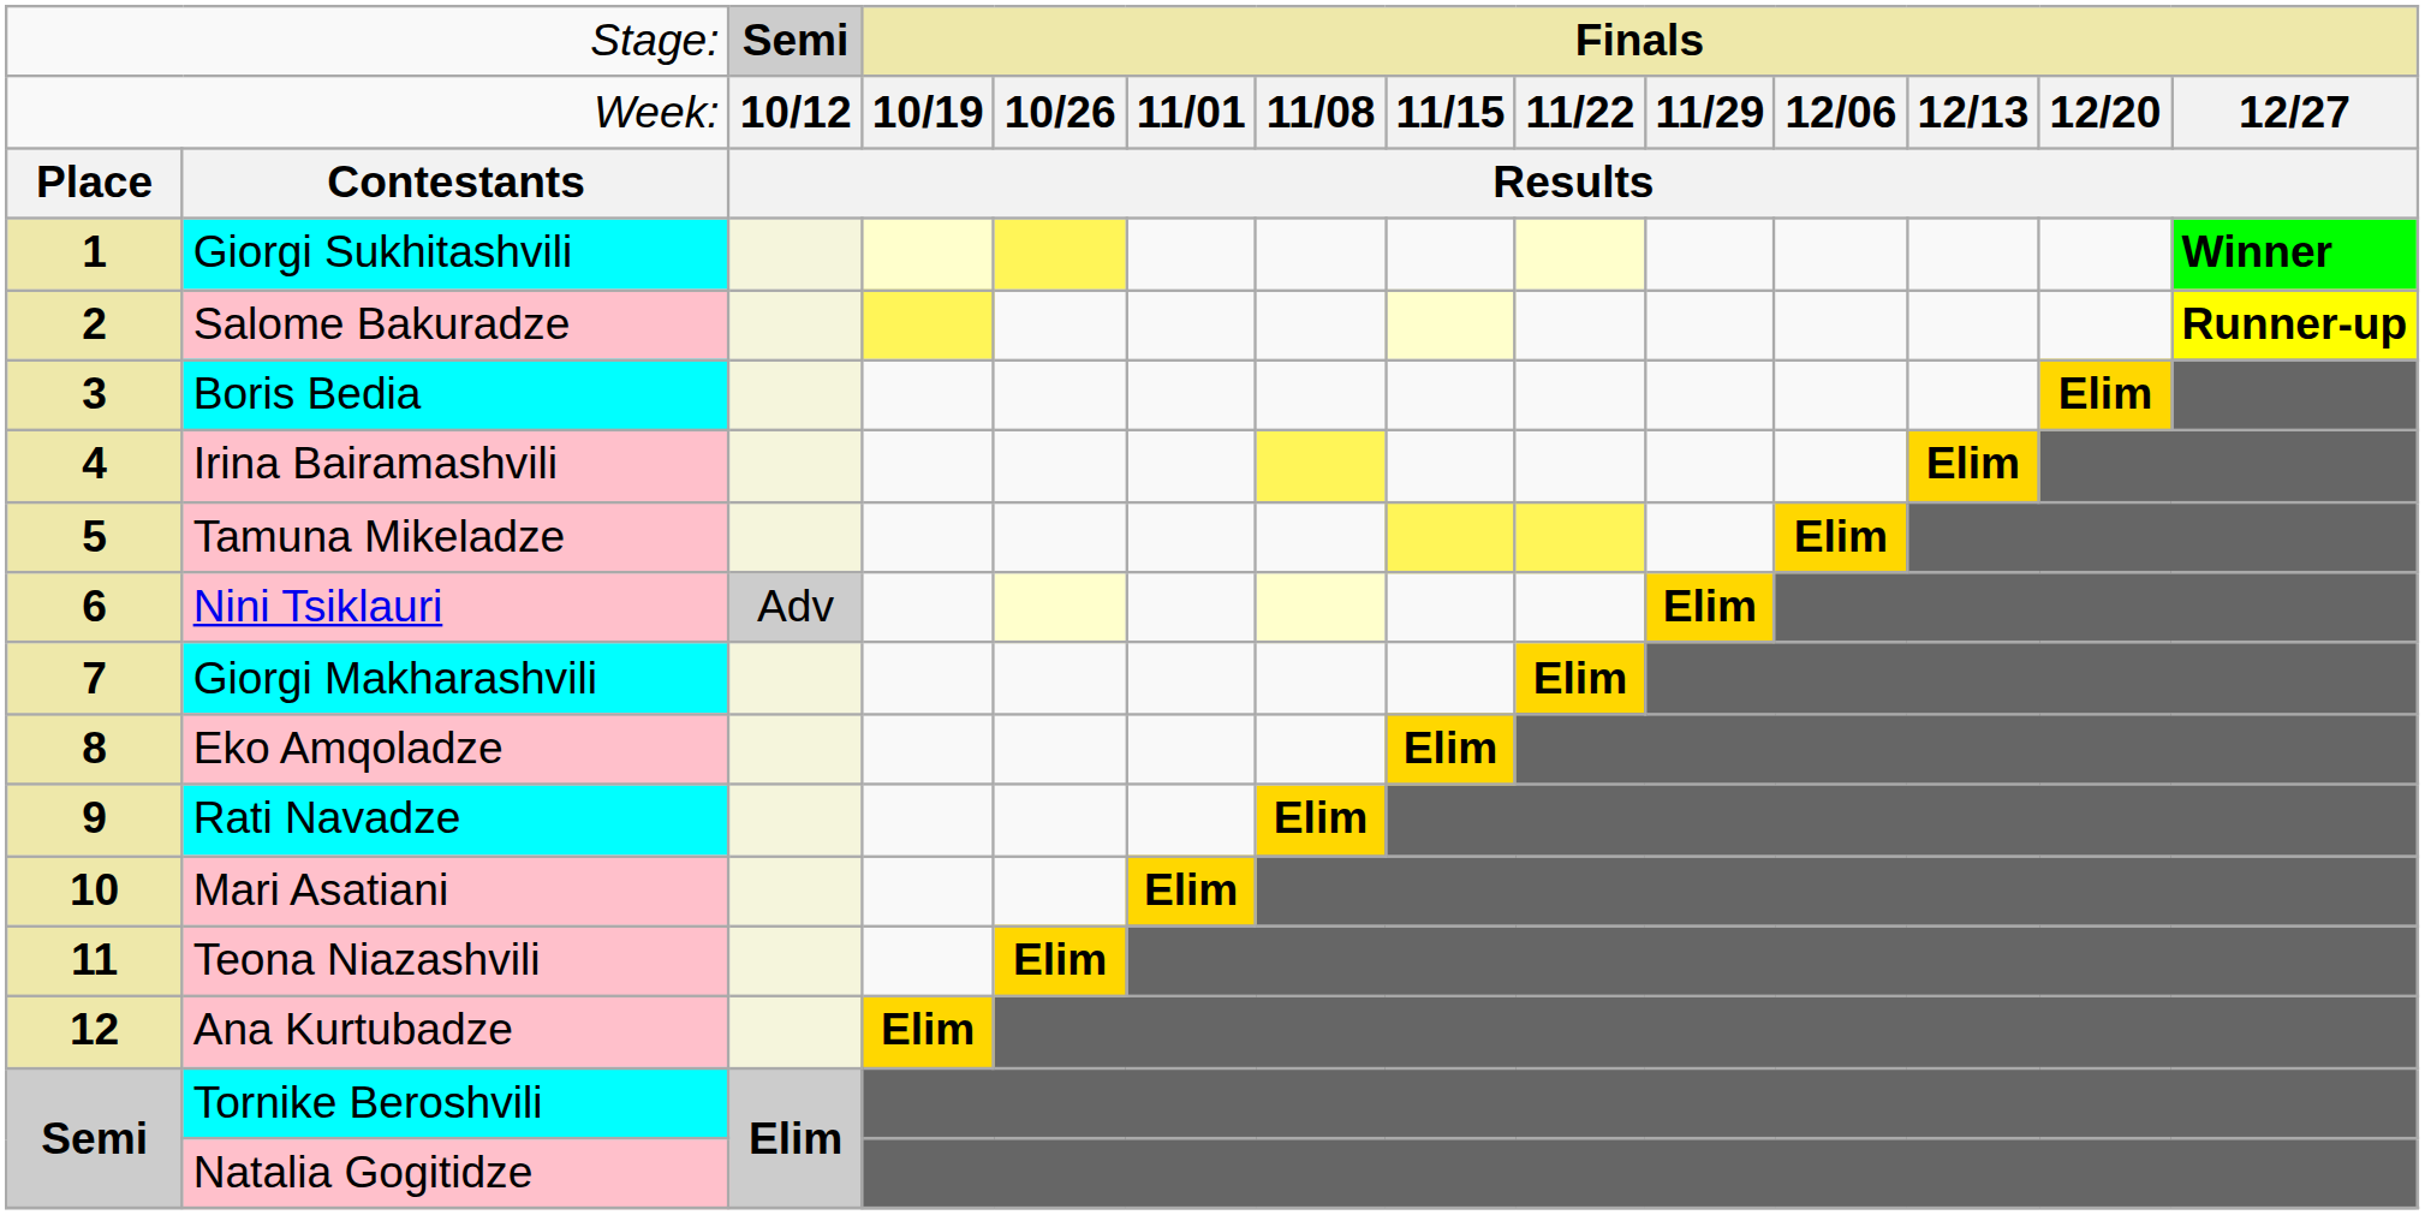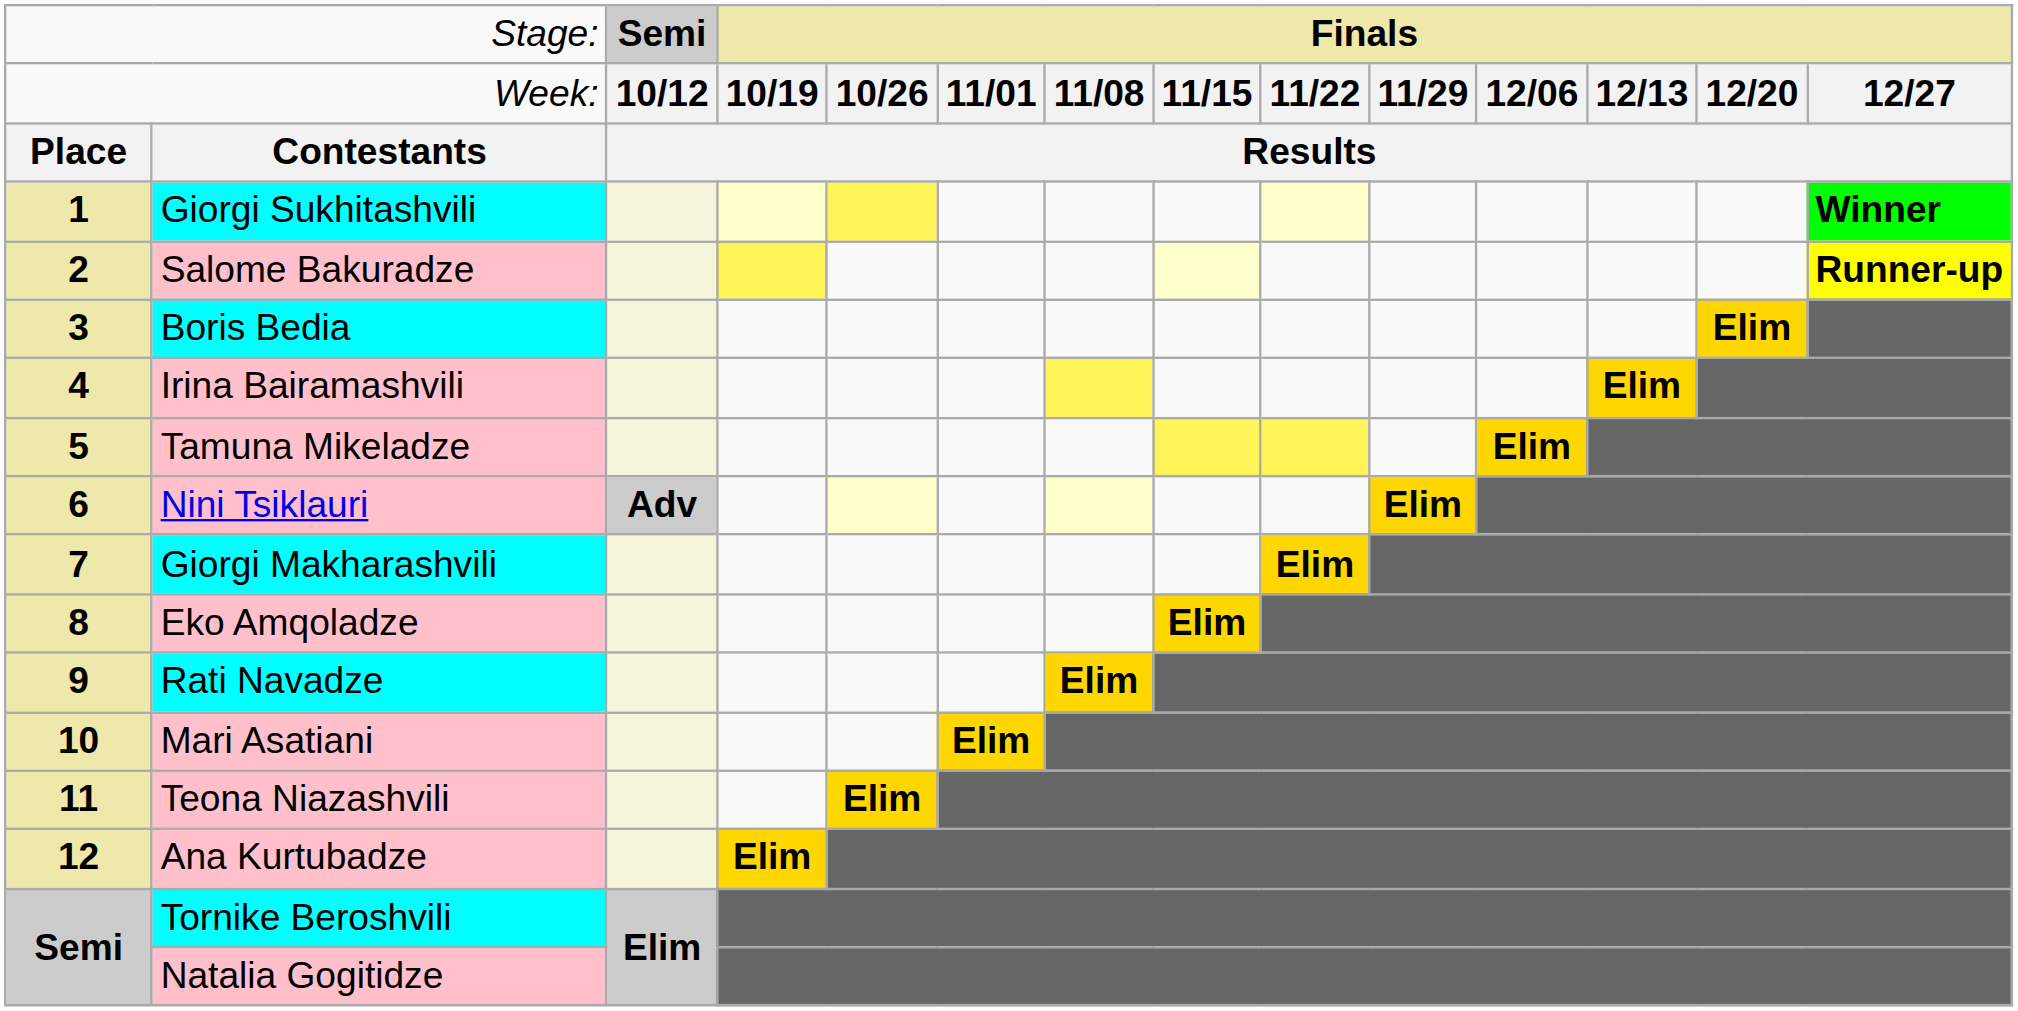 <table class="wikitable" align="center">
 <tr>
 <td width=30% colspan=2 align="right"><em>Stage:</em></td>
 <td bgcolor="CCCCCC" align="Center"><strong>Semi</strong></td>
 <td colspan=15 bgcolor="palegoldenrod" align="Center"><strong>Finals</strong></td>
 </tr>
 <tr>
 <td colspan=2 align="right"><em>Week:</em></td>
 <th>10/12</th>
 <th>10/19</th>
 <th>10/26</th>
 <th>11/01</th>
 <th>11/08</th>
 <th>11/15</th>
 <th>11/22</th>
 <th>11/29</th>
 <th>12/06</th>
 <th>12/13</th>
 <th>12/20</th>
 <th>12/27</th>
 </tr>
 <tr>
 <th>Place</th>
 <th>Contestants</th>
 <th colspan=16 align="center">Results</th>
 </tr>
 <tr>
 <td align="center" bgcolor="palegoldenrod"><strong>1</strong></td>
 <td bgcolor="cyan">Giorgi Sukhitashvili</td>
 <td bgcolor="F5F5DC"></td>
 <td bgcolor="#FFFFCC" align="center"></td>
 <td bgcolor="#FFF558" align="center"></td>
 <td></td>
 <td></td>
 <td></td>
 <td bgcolor="#FFFFCC" align="center"></td>
 <td></td>
 <td></td>
 <td></td>
 <td></td>
 <td style="background: Lime"><strong>Winner</strong></td>
 </tr>
 <tr>
 <td align="center" bgcolor="palegoldenrod"><strong>2</strong></td>
 <td bgcolor="pink">Salome Bakuradze</td>
 <td bgcolor="F5F5DC"></td>
 <td bgcolor="#FFF558" align="center"></td>
 <td></td>
 <td></td>
 <td></td>
 <td bgcolor="#FFFFCC" align="center"></td>
 <td></td>
 <td></td>
 <td></td>
 <td></td>
 <td></td>
 <td style="background: yellow"><strong>Runner-up</strong></td>
 </tr>
 <tr>
 <td align="center" bgcolor="palegoldenrod"><strong>3</strong></td>
 <td bgcolor="cyan">Boris Bedia</td>
 <td bgcolor="F5F5DC"></td>
 <td></td>
 <td></td>
 <td></td>
 <td></td>
 <td></td>
 <td></td>
 <td></td>
 <td></td>
 <td></td>
 <td bgcolor="gold" align="center"><strong>Elim</strong></td>
 <td bgcolor="666666"></td>
 </tr>
 <tr>
 <td align="center" bgcolor="palegoldenrod"><strong>4</strong></td>
 <td bgcolor="pink">Irina Bairamashvili</td>
 <td bgcolor="F5F5DC"></td>
 <td></td>
 <td></td>
 <td></td>
 <td bgcolor="#FFF558" align="center"></td>
 <td></td>
 <td></td>
 <td></td>
 <td></td>
 <td bgcolor="gold" align="center"><strong>Elim</strong></td>
 <td colspan=2 bgcolor="666666"></td>
 </tr>
 <tr>
 <td align="center" bgcolor="palegoldenrod"><strong>5</strong></td>
 <td bgcolor="pink">Tamuna Mikeladze</td>
 <td bgcolor="F5F5DC"></td>
 <td></td>
 <td></td>
 <td></td>
 <td></td>
 <td bgcolor="#FFF558" align="center"></td>
 <td bgcolor="#FFF558" align="center"></td>
 <td></td>
 <td bgcolor="gold" align="center"><strong>Elim</strong></td>
 <td colspan=3 bgcolor="666666"></td>
 </tr>
 <tr>
 <td align="center" bgcolor="palegoldenrod"><strong>6</strong></td>
 <td bgcolor="pink"><a href='#'>Nini Tsiklauri</a></td>
-<td bgcolor="#CCCCCC" align="center">Adv</td>
+<td bgcolor="#CCCCCC" align="center"><strong>Adv</strong></td>
 <td></td>
 <td bgcolor="#FFFFCC" align="center"></td>
 <td></td>
 <td bgcolor="#FFFFCC" align="center"></td>
 <td></td>
 <td></td>
 <td bgcolor="gold" align="center"><strong>Elim</strong></td>
 <td colspan=4 bgcolor="666666"></td>
 </tr>
 <tr>
 <td align="center" bgcolor="palegoldenrod"><strong>7</strong></td>
 <td bgcolor="cyan">Giorgi Makharashvili</td>
 <td bgcolor="F5F5DC"></td>
 <td></td>
 <td></td>
 <td></td>
 <td></td>
 <td></td>
 <td bgcolor="gold" align="center"><strong>Elim</strong></td>
 <td colspan=5 bgcolor="666666"></td>
 </tr>
 <tr>
 <td align="center" bgcolor="palegoldenrod"><strong>8</strong></td>
 <td bgcolor="pink">Eko Amqoladze</td>
 <td bgcolor="F5F5DC"></td>
 <td></td>
 <td></td>
 <td></td>
 <td></td>
 <td bgcolor="gold" align="center"><strong>Elim</strong></td>
 <td colspan=6 bgcolor="666666"></td>
 </tr>
 <tr>
 <td align="center" bgcolor="palegoldenrod"><strong>9</strong></td>
 <td bgcolor="cyan">Rati Navadze</td>
 <td bgcolor="F5F5DC"></td>
 <td></td>
 <td></td>
 <td></td>
 <td bgcolor="gold" align="center"><strong>Elim</strong></td>
 <td colspan=7 bgcolor="666666"></td>
 </tr>
 <tr>
 <td align="center" bgcolor="palegoldenrod"><strong>10</strong></td>
 <td bgcolor="pink">Mari Asatiani</td>
 <td bgcolor="F5F5DC"></td>
 <td></td>
 <td></td>
 <td bgcolor="gold" align="center"><strong>Elim</strong></td>
 <td colspan=8 bgcolor="666666"></td>
 </tr>
 <tr>
 <td align="center" bgcolor="palegoldenrod"><strong>11</strong></td>
 <td bgcolor="pink">Teona Niazashvili</td>
 <td bgcolor="F5F5DC"></td>
 <td></td>
 <td bgcolor="gold" align="center"><strong>Elim</strong></td>
 <td colspan=9 bgcolor="666666"></td>
 </tr>
 <tr>
 <td align="center" bgcolor="palegoldenrod"><strong>12</strong></td>
 <td bgcolor="pink">Ana Kurtubadze</td>
 <td bgcolor="F5F5DC"></td>
 <td bgcolor="gold" align="center"><strong>Elim</strong></td>
 <td colspan=10 bgcolor="666666"></td>
 </tr>
 <tr>
 <td bgcolor="CCCCCC" align="center" rowspan=2><strong>Semi</strong></td>
 <td bgcolor="cyan">Tornike Beroshvili</td>
 <td bgcolor="#CCCCCC" align="center" rowspan=2><strong>Elim</strong></td>
 <td colspan=11 bgcolor="666666"></td>
 </tr>
 <tr>
 <td bgcolor="pink">Natalia Gogitidze</td>
 <td colspan=11 bgcolor="666666"></td>
 </tr>
 <tr>
 </tr>
 </table>
